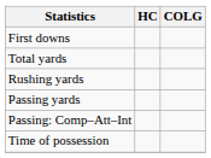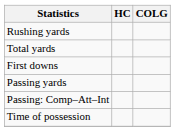 <table class="wikitable" style="float: left;">
 <tr>
 <th>Statistics</th>
 <th>HC</th>
 <th>COLG</th>
 </tr>
 <tr>
-<td>First downs</td>
+<td>Rushing yards</td>
 <td></td>
 <td></td>
 </tr>
 <tr>
 <td>Total yards</td>
 <td></td>
 <td></td>
 </tr>
 <tr>
-<td>Rushing yards</td>
+<td>First downs</td>
 <td></td>
 <td></td>
 </tr>
 <tr>
 <td>Passing yards</td>
 <td></td>
 <td></td>
 </tr>
 <tr>
 <td>Passing: Comp–Att–Int</td>
 <td></td>
 <td></td>
 </tr>
 <tr>
 <td>Time of possession</td>
 <td></td>
 <td></td>
 </tr>
 <tr>
 </tr>
 </table>
